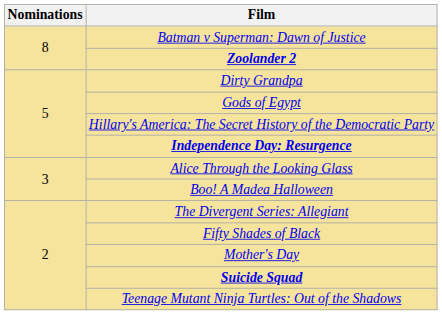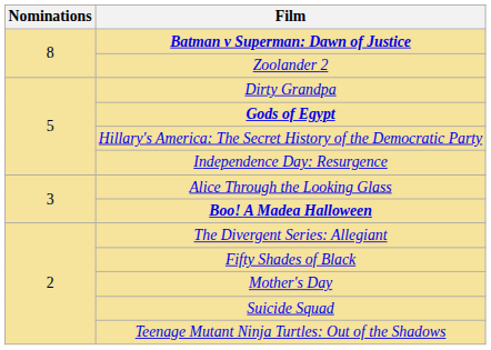 <table class="wikitable sortable" rowspan=2 style="text-align: center; background: #f6e39c">
 <tr>
 <th scope="col" width="55">Nominations</th>
 <th scope="col" align="center">Film</th>
 </tr>
 <tr>
 <td rowspan="2">8</td>
-<td><em><a href='#'>Batman v Superman: Dawn of Justice</a></em></td>
+<td><strong><em><a href='#'>Batman v Superman: Dawn of Justice</a></em></strong></td>
 </tr>
 <tr>
-<td><strong><em><a href='#'>Zoolander 2</a></em></strong></td>
+<td><em><a href='#'>Zoolander 2</a></em></td>
 </tr>
 <tr>
 <td rowspan="4">5</td>
 <td><em><a href='#'>Dirty Grandpa</a></em></td>
 </tr>
 <tr>
-<td><em><a href='#'>Gods of Egypt</a></em></td>
+<td><strong><em><a href='#'>Gods of Egypt</a></em></strong></td>
 </tr>
 <tr>
 <td><em><a href='#'>Hillary's America: The Secret History of the Democratic Party</a></em></td>
 </tr>
 <tr>
-<td><strong><em><a href='#'>Independence Day: Resurgence</a></em></strong></td>
+<td><em><a href='#'>Independence Day: Resurgence</a></em></td>
 </tr>
 <tr>
 <td rowspan="2">3</td>
 <td><em><a href='#'>Alice Through the Looking Glass</a></em></td>
 </tr>
 <tr>
-<td><em><a href='#'>Boo! A Madea Halloween</a></em></td>
+<td><strong><em><a href='#'>Boo! A Madea Halloween</a></em></strong></td>
 </tr>
 <tr>
 <td rowspan="5">2</td>
 <td><em><a href='#'>The Divergent Series: Allegiant</a></em></td>
 </tr>
 <tr>
 <td><em><a href='#'>Fifty Shades of Black</a></em></td>
 </tr>
 <tr>
 <td><em><a href='#'>Mother's Day</a></em></td>
 </tr>
 <tr>
-<td><strong><em><a href='#'>Suicide Squad</a></em></strong></td>
+<td><em><a href='#'>Suicide Squad</a></em></td>
 </tr>
 <tr>
 <td><em><a href='#'>Teenage Mutant Ninja Turtles: Out of the Shadows</a></em></td>
 </tr>
 </table>
